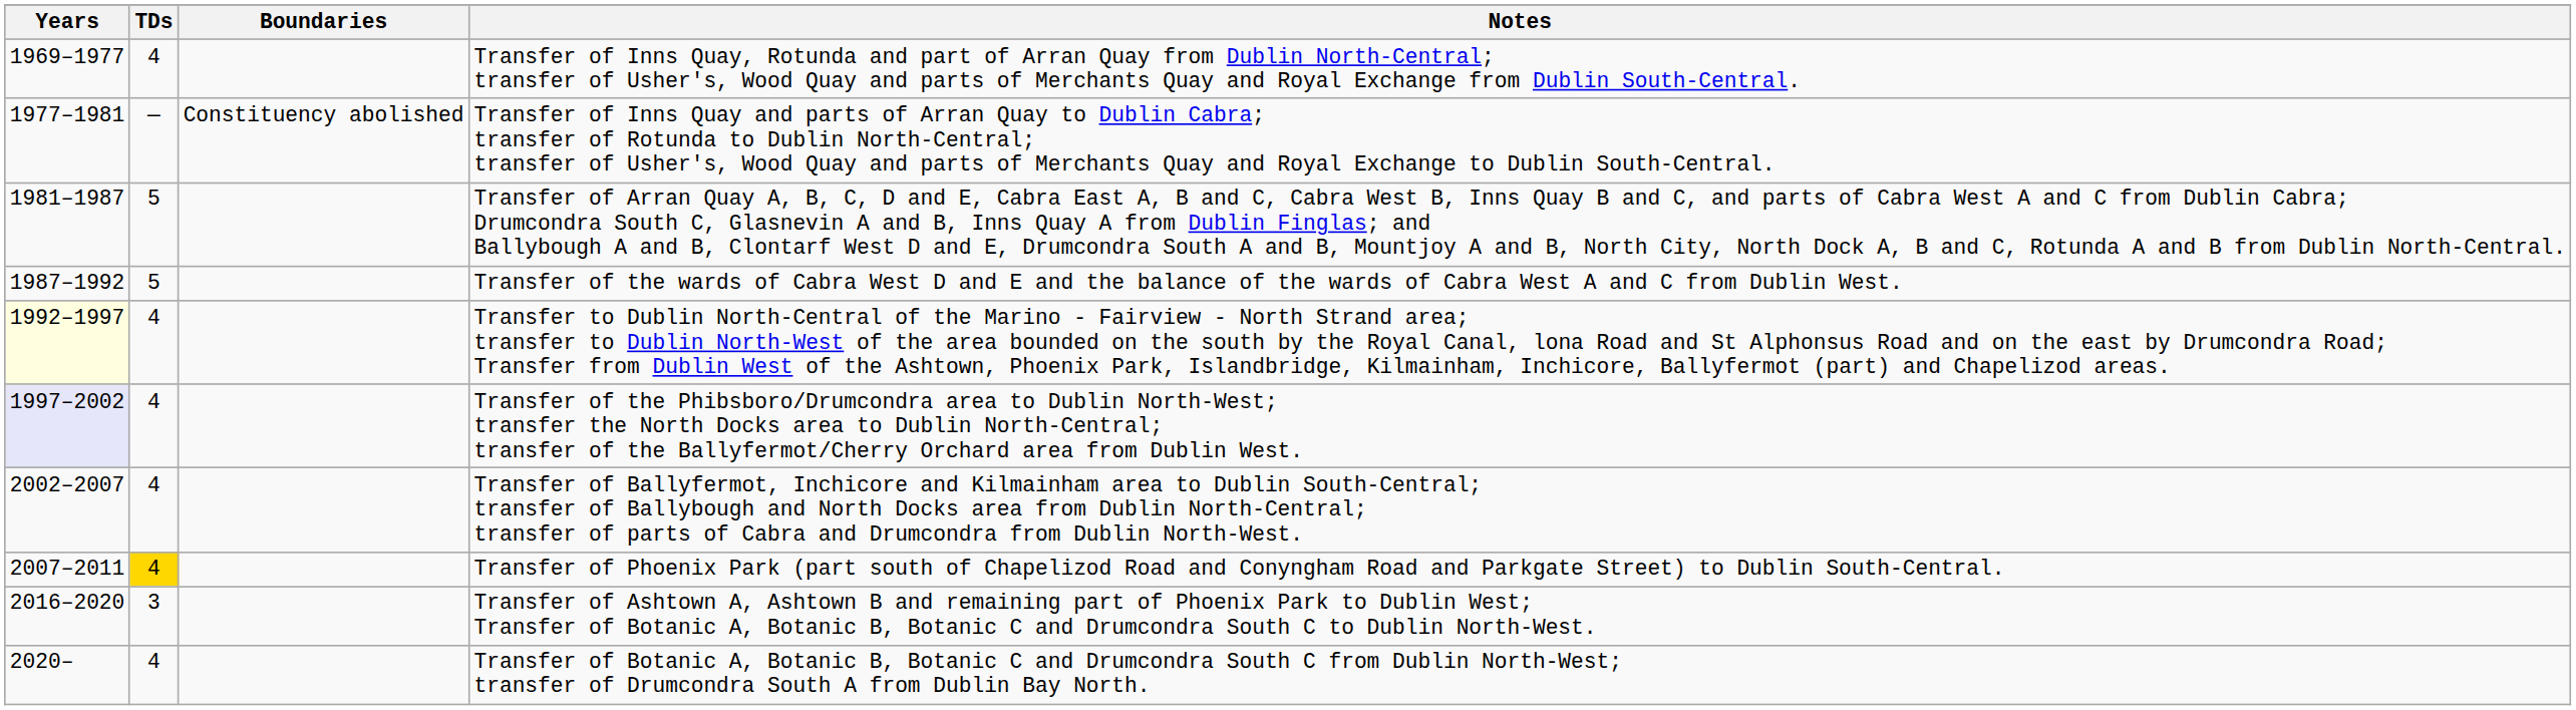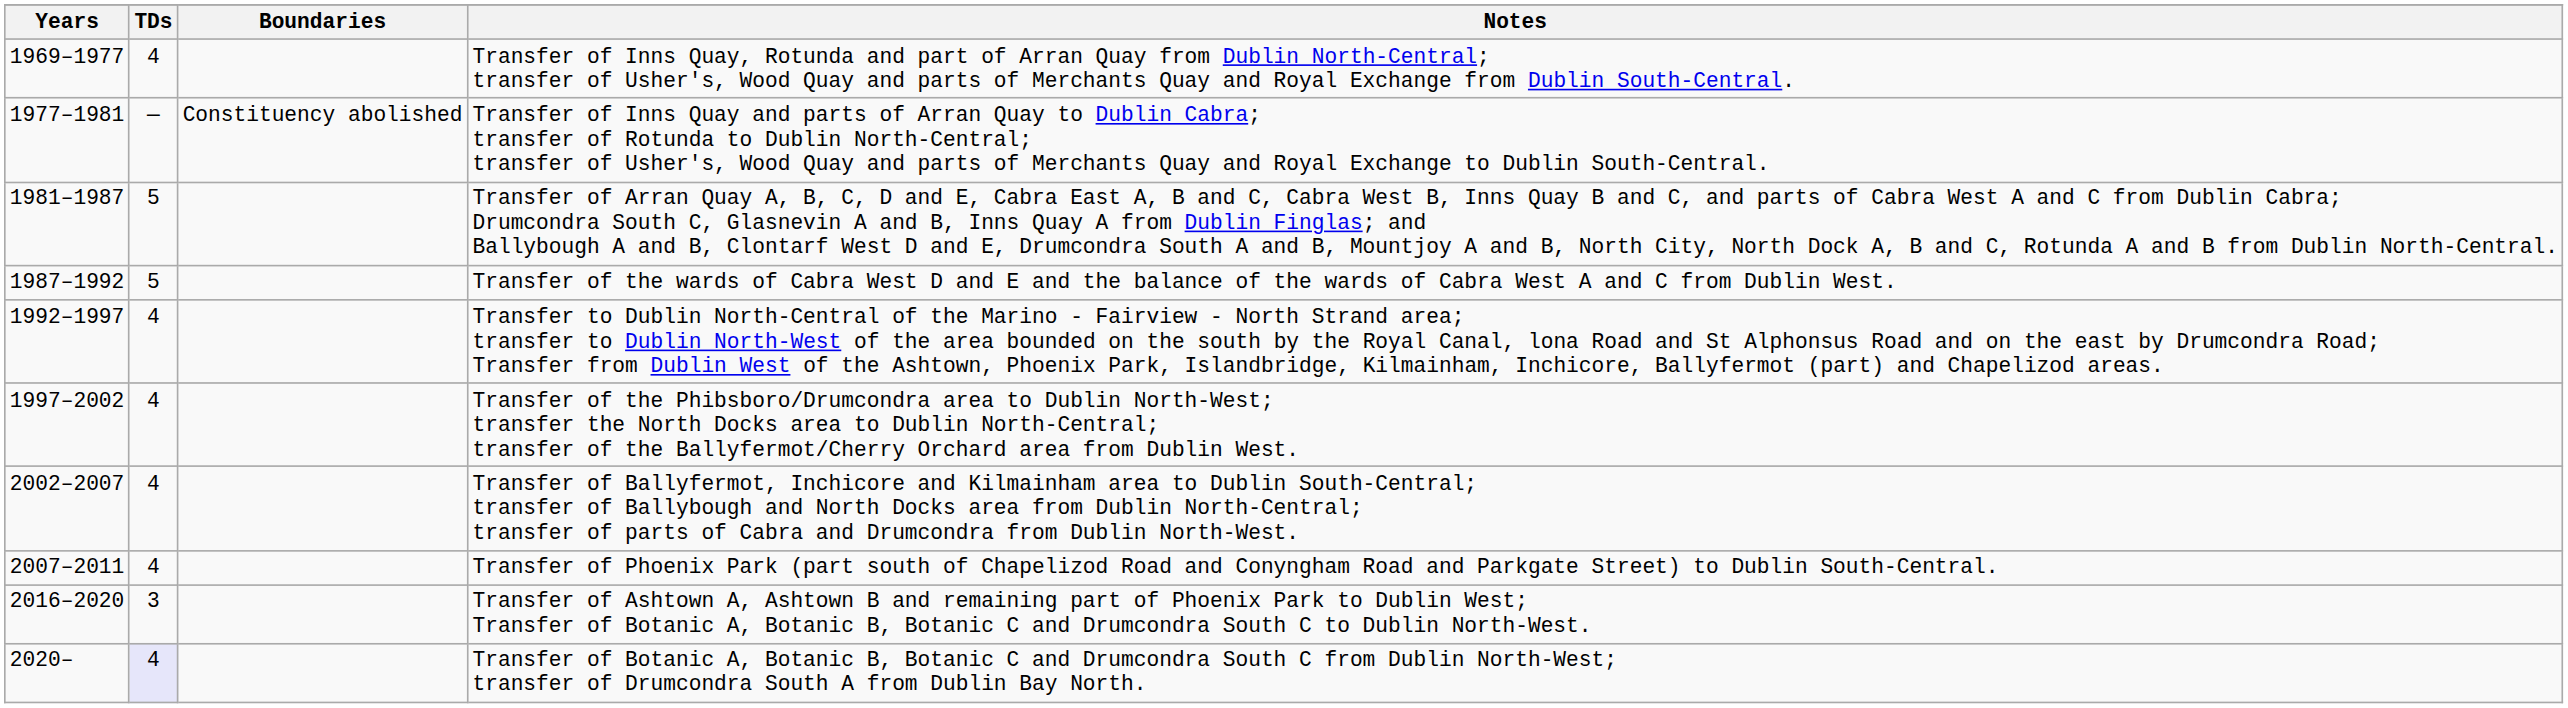 <table class="wikitable">
 <tr>
 </tr>
 <tr>
 <th>Years</th>
 <th>TDs</th>
 <th>Boundaries</th>
 <th>Notes</th>
 </tr>
 <tr style="vertical-align:top">
 <td>1969–1977</td>
 <td style="text-align:center">4</td>
 <td></td>
 <td>Transfer of Inns Quay, Rotunda and part of Arran Quay from <a href='#'>Dublin North-Central</a>;<br>transfer of Usher's, Wood Quay and parts of Merchants Quay and Royal Exchange from <a href='#'>Dublin South-Central</a>.</td>
 </tr>
 <tr style="vertical-align:top">
 <td>1977–1981</td>
 <td style="text-align:center">—</td>
 <td style="text-align:center">Constituency abolished</td>
 <td>Transfer of Inns Quay and parts of Arran Quay to <a href='#'>Dublin Cabra</a>;<br>transfer of Rotunda to Dublin North-Central;<br>transfer of Usher's, Wood Quay and parts of Merchants Quay and Royal Exchange to Dublin South-Central.</td>
 </tr>
 <tr style="vertical-align:top">
 <td>1981–1987</td>
 <td style="text-align:center">5</td>
 <td></td>
 <td>Transfer of Arran Quay A, B, C, D and E, Cabra East A, B and C, Cabra West B, Inns Quay B and C, and parts of Cabra West A and C from Dublin Cabra;<br>Drumcondra South C, Glasnevin A and B, Inns Quay A from <a href='#'>Dublin Finglas</a>; and<br>Ballybough A and B, Clontarf West D and E, Drumcondra South A and B, Mountjoy A and B, North City, North Dock A, B and C, Rotunda A and B from Dublin North-Central.</td>
 </tr>
 <tr style="vertical-align:top">
 <td>1987–1992</td>
 <td style="text-align:center">5</td>
 <td></td>
 <td>Transfer of the wards of Cabra West D and E and the balance of the wards of Cabra West A and C from Dublin West.</td>
 </tr>
 <tr style="vertical-align:top">
-<td style="background: lightyellow;">1992–1997</td>
+<td>1992–1997</td>
 <td style="text-align:center">4</td>
 <td></td>
 <td>Transfer to Dublin North-Central of the Marino - Fairview - North Strand area;<br>transfer to <a href='#'>Dublin North-West</a> of the area bounded on the south by the Royal Canal, lona Road and St Alphonsus Road and on the east by Drumcondra Road;<br>Transfer from <a href='#'>Dublin West</a> of the Ashtown, Phoenix Park, Islandbridge, Kilmainham, Inchicore, Ballyfermot (part) and Chapelizod areas.</td>
 </tr>
 <tr style="vertical-align:top">
-<td style="background: lavender;">1997–2002</td>
+<td>1997–2002</td>
 <td style="text-align:center">4</td>
 <td></td>
 <td>Transfer of the Phibsboro/Drumcondra area to Dublin North-West;<br>transfer the North Docks area to Dublin North-Central;<br>transfer of the Ballyfermot/Cherry Orchard area from Dublin West.</td>
 </tr>
 <tr style="vertical-align:top">
 <td>2002–2007</td>
 <td style="text-align:center">4</td>
 <td></td>
 <td>Transfer of Ballyfermot, Inchicore and Kilmainham area to Dublin South-Central;<br>transfer of Ballybough and North Docks area from Dublin North-Central;<br>transfer of parts of Cabra and Drumcondra from Dublin North-West.</td>
 </tr>
 <tr style="vertical-align:top">
 <td>2007–2011</td>
-<td style="background: gold; text-align:center">4</td>
+<td style="text-align:center">4</td>
 <td></td>
 <td>Transfer of Phoenix Park (part south of Chapelizod Road and Conyngham Road and Parkgate Street) to Dublin South-Central.</td>
 </tr>
 <tr style="vertical-align:top">
 <td>2016–2020</td>
 <td style="text-align:center">3</td>
 <td></td>
 <td>Transfer of Ashtown A, Ashtown B and remaining part of Phoenix Park to Dublin West;<br>Transfer of Botanic A, Botanic B, Botanic C and Drumcondra South C to Dublin North-West.</td>
 </tr>
 <tr style="vertical-align:top">
 <td>2020–</td>
-<td style="text-align:center">4</td>
+<td style="background: lavender; text-align:center">4</td>
 <td></td>
 <td>Transfer of Botanic A, Botanic B, Botanic C and Drumcondra South C from Dublin North-West;<br>transfer of Drumcondra South A from Dublin Bay North.</td>
 </tr>
 </table>
